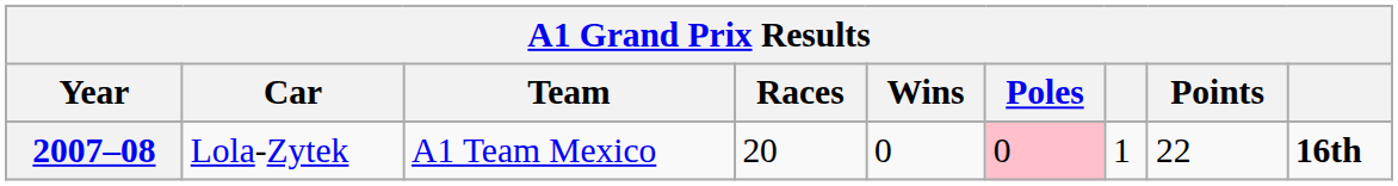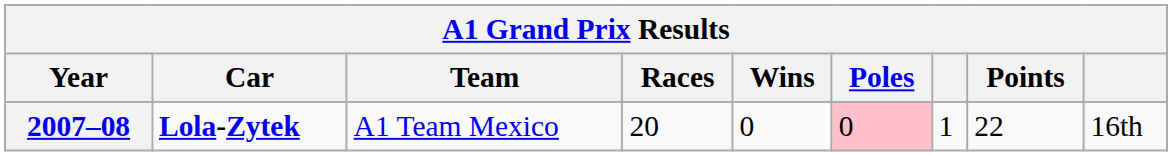 <table class="wikitable collapsible collapsed" style="font-size:95%; width:600px">
 <tr>
 <th colspan=9><a href='#'>A1 Grand Prix</a> Results</th>
 </tr>
 <tr>
 <th>Year</th>
 <th>Car</th>
 <th>Team</th>
 <th>Races</th>
 <th>Wins</th>
 <th><a href='#'>Poles</a></th>
 <th></th>
 <th>Points</th>
 <th></th>
 </tr>
 <tr>
 <th><a href='#'>2007–08</a></th>
-<td><a href='#'>Lola</a>-<a href='#'>Zytek</a></td>
+<td><strong><a href='#'>Lola</a>-<a href='#'>Zytek</a></strong></td>
 <td> <a href='#'>A1 Team Mexico</a></td>
 <td>20</td>
 <td>0</td>
 <td style="background: pink;">0</td>
 <td>1</td>
 <td>22</td>
-<td><strong>16th</strong></td>
+<td>16th</td>
 </tr>
 </table>
